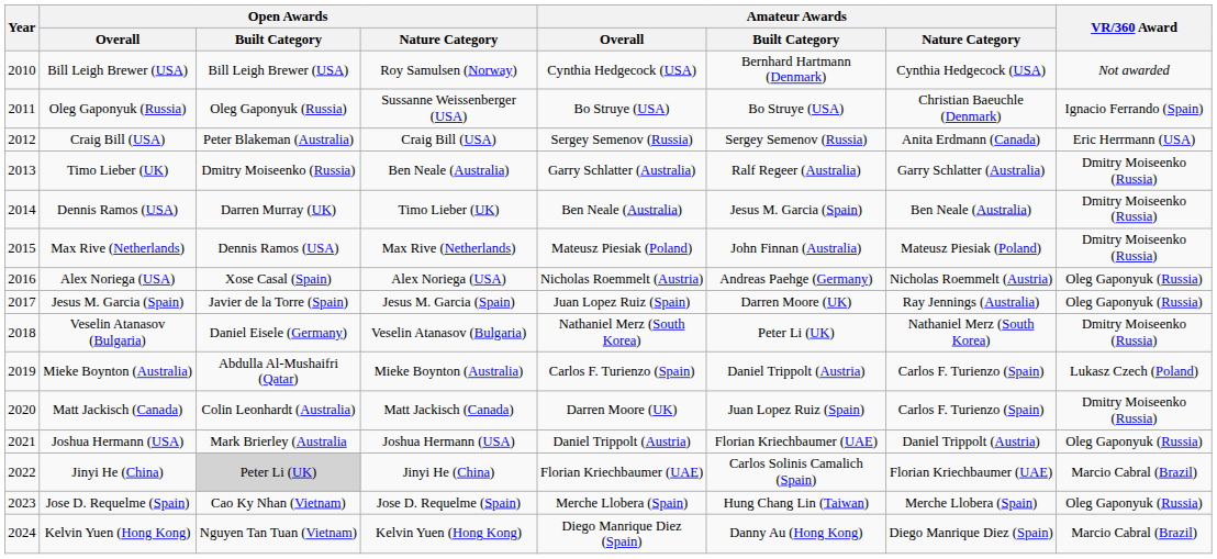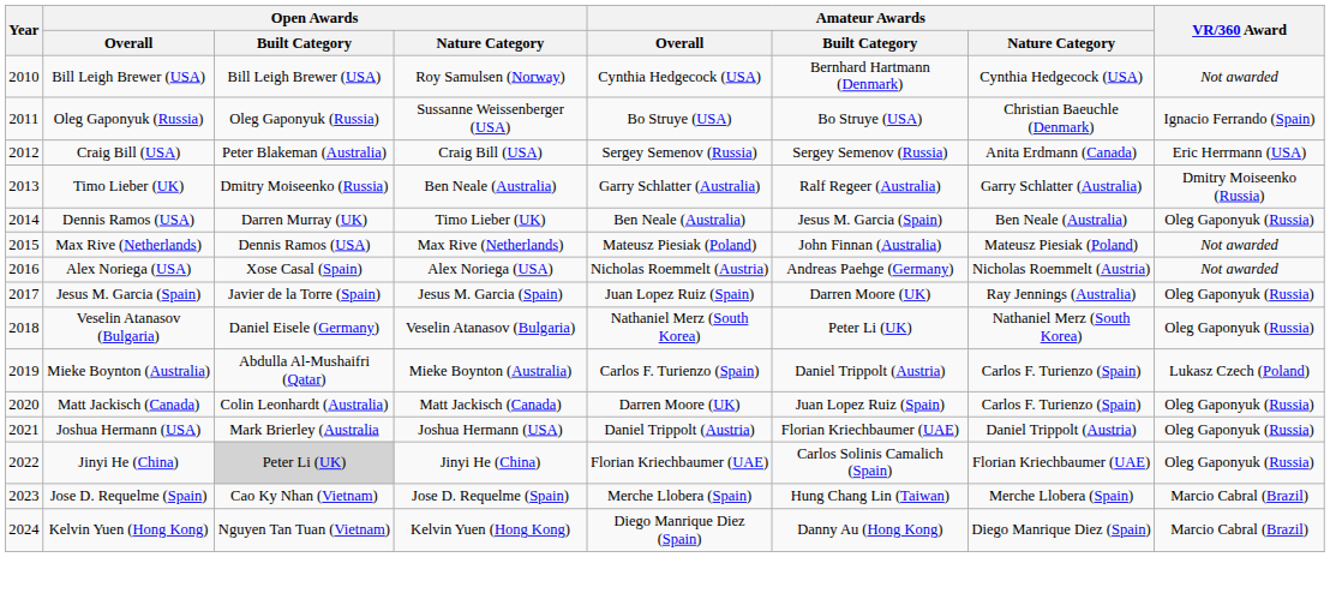 <table class="wikitable" class="wikitable" style="text-align:center;width:100%; font-size:90%;">
 <tr>
 <th rowspan="2">Year</th>
 <th colspan="3">Open Awards</th>
 <th colspan="3">Amateur Awards</th>
 <th rowspan="2"><a href='#'>VR/360</a> Award</th>
 </tr>
 <tr>
 <th>Overall</th>
 <th>Built Category</th>
 <th>Nature Category</th>
 <th>Overall</th>
 <th>Built Category</th>
 <th>Nature Category</th>
 </tr>
 <tr>
 <td>2010</td>
 <td>Bill Leigh Brewer (<a href='#'>USA</a>)</td>
 <td>Bill Leigh Brewer (<a href='#'>USA</a>)</td>
 <td>Roy Samulsen (<a href='#'>Norway</a>)</td>
 <td>Cynthia Hedgecock (<a href='#'>USA</a>)</td>
 <td>Bernhard Hartmann (<a href='#'>Denmark</a>)</td>
 <td>Cynthia Hedgecock (<a href='#'>USA</a>)</td>
 <td><em>Not awarded</em></td>
 </tr>
 <tr>
 <td>2011</td>
 <td>Oleg Gaponyuk (<a href='#'>Russia</a>)</td>
 <td>Oleg Gaponyuk (<a href='#'>Russia</a>)</td>
 <td>Sussanne Weissenberger (<a href='#'>USA</a>)</td>
 <td>Bo Struye (<a href='#'>USA</a>)</td>
 <td>Bo Struye (<a href='#'>USA</a>)</td>
 <td>Christian Baeuchle (<a href='#'>Denmark</a>)</td>
 <td>Ignacio Ferrando (<a href='#'>Spain</a>)</td>
 </tr>
 <tr>
 <td>2012</td>
 <td>Craig Bill (<a href='#'>USA</a>)</td>
 <td>Peter Blakeman (<a href='#'>Australia</a>)</td>
 <td>Craig Bill (<a href='#'>USA</a>)</td>
 <td>Sergey Semenov (<a href='#'>Russia</a>)</td>
 <td>Sergey Semenov (<a href='#'>Russia</a>)</td>
 <td>Anita Erdmann (<a href='#'>Canada</a>)</td>
 <td>Eric Herrmann (<a href='#'>USA</a>)</td>
 </tr>
 <tr>
 <td>2013</td>
 <td>Timo Lieber (<a href='#'>UK</a>)</td>
 <td>Dmitry Moiseenko (<a href='#'>Russia</a>)</td>
 <td>Ben Neale (<a href='#'>Australia</a>)</td>
 <td>Garry Schlatter (<a href='#'>Australia</a>)</td>
 <td>Ralf Regeer (<a href='#'>Australia</a>)</td>
 <td>Garry Schlatter (<a href='#'>Australia</a>)</td>
 <td>Dmitry Moiseenko (<a href='#'>Russia</a>)</td>
 </tr>
 <tr>
 <td>2014<br></td>
 <td>Dennis Ramos (<a href='#'>USA</a>)</td>
 <td>Darren Murray (<a href='#'>UK</a>)</td>
 <td>Timo Lieber (<a href='#'>UK</a>)</td>
 <td>Ben Neale (<a href='#'>Australia</a>)</td>
 <td>Jesus M. Garcia (<a href='#'>Spain</a>)</td>
 <td>Ben Neale (<a href='#'>Australia</a>)</td>
-<td>Dmitry Moiseenko (<a href='#'>Russia</a>)</td>
+<td>Oleg Gaponyuk (<a href='#'>Russia</a>)</td>
 </tr>
 <tr>
 <td>2015<br></td>
 <td>Max Rive (<a href='#'>Netherlands</a>)</td>
 <td>Dennis Ramos (<a href='#'>USA</a>)</td>
 <td>Max Rive (<a href='#'>Netherlands</a>)</td>
 <td>Mateusz Piesiak (<a href='#'>Poland</a>)</td>
 <td>John Finnan (<a href='#'>Australia</a>)</td>
 <td>Mateusz Piesiak (<a href='#'>Poland</a>)</td>
-<td>Dmitry Moiseenko (<a href='#'>Russia</a>)</td>
+<td><em>Not awarded</em></td>
 </tr>
 <tr>
 <td>2016<br></td>
 <td>Alex Noriega (<a href='#'>USA</a>)</td>
 <td>Xose Casal (<a href='#'>Spain</a>)</td>
 <td>Alex Noriega (<a href='#'>USA</a>)</td>
 <td>Nicholas Roemmelt (<a href='#'>Austria</a>)</td>
 <td>Andreas Paehge (<a href='#'>Germany</a>)</td>
 <td>Nicholas Roemmelt (<a href='#'>Austria</a>)</td>
-<td>Oleg Gaponyuk (<a href='#'>Russia</a>)</td>
+<td><em>Not awarded</em></td>
 </tr>
 <tr>
 <td>2017<br></td>
 <td>Jesus M. Garcia (<a href='#'>Spain</a>)</td>
 <td>Javier de la Torre (<a href='#'>Spain</a>)</td>
 <td>Jesus M. Garcia (<a href='#'>Spain</a>)</td>
 <td>Juan Lopez Ruiz (<a href='#'>Spain</a>)</td>
 <td>Darren Moore (<a href='#'>UK</a>)</td>
 <td>Ray Jennings (<a href='#'>Australia</a>)</td>
 <td>Oleg Gaponyuk (<a href='#'>Russia</a>)</td>
 </tr>
 <tr>
 <td>2018<br></td>
 <td>Veselin Atanasov (<a href='#'>Bulgaria</a>)</td>
 <td>Daniel Eisele (<a href='#'>Germany</a>)</td>
 <td>Veselin Atanasov (<a href='#'>Bulgaria</a>)</td>
 <td>Nathaniel Merz (<a href='#'>South Korea</a>)</td>
 <td>Peter Li (<a href='#'>UK</a>)</td>
 <td>Nathaniel Merz (<a href='#'>South Korea</a>)</td>
-<td>Dmitry Moiseenko (<a href='#'>Russia</a>)</td>
+<td>Oleg Gaponyuk (<a href='#'>Russia</a>)</td>
 </tr>
 <tr>
 <td>2019<br></td>
 <td>Mieke Boynton (<a href='#'>Australia</a>)</td>
 <td>Abdulla Al-Mushaifri (<a href='#'>Qatar</a>)</td>
 <td>Mieke Boynton (<a href='#'>Australia</a>)</td>
 <td>Carlos F. Turienzo (<a href='#'>Spain</a>)</td>
 <td>Daniel Trippolt (<a href='#'>Austria</a>)</td>
 <td>Carlos F. Turienzo (<a href='#'>Spain</a>)</td>
 <td>Lukasz Czech (<a href='#'>Poland</a>)</td>
 </tr>
 <tr>
 <td>2020<br></td>
 <td>Matt Jackisch (<a href='#'>Canada</a>)</td>
 <td>Colin Leonhardt (<a href='#'>Australia</a>)</td>
 <td>Matt Jackisch (<a href='#'>Canada</a>)</td>
 <td>Darren Moore (<a href='#'>UK</a>)</td>
 <td>Juan Lopez Ruiz (<a href='#'>Spain</a>)</td>
 <td>Carlos F. Turienzo (<a href='#'>Spain</a>)</td>
-<td>Dmitry Moiseenko (<a href='#'>Russia</a>)</td>
+<td>Oleg Gaponyuk (<a href='#'>Russia</a>)</td>
 </tr>
 <tr>
 <td>2021<br></td>
 <td>Joshua Hermann (<a href='#'>USA</a>)</td>
 <td>Mark Brierley (<a href='#'>Australia</a></td>
 <td>Joshua Hermann (<a href='#'>USA</a>)</td>
 <td>Daniel Trippolt (<a href='#'>Austria</a>)</td>
 <td>Florian Kriechbaumer (<a href='#'>UAE</a>)</td>
 <td>Daniel Trippolt (<a href='#'>Austria</a>)</td>
 <td>Oleg Gaponyuk (<a href='#'>Russia</a>)</td>
 </tr>
 <tr>
 <td>2022<br></td>
 <td>Jinyi He (<a href='#'>China</a>)</td>
 <td style="background: lightgrey;">Peter Li (<a href='#'>UK</a>)</td>
 <td>Jinyi He (<a href='#'>China</a>)</td>
 <td>Florian Kriechbaumer (<a href='#'>UAE</a>)</td>
 <td>Carlos Solinis Camalich (<a href='#'>Spain</a>)</td>
 <td>Florian Kriechbaumer (<a href='#'>UAE</a>)</td>
-<td>Marcio Cabral (<a href='#'>Brazil</a>)</td>
+<td>Oleg Gaponyuk (<a href='#'>Russia</a>)</td>
 </tr>
 <tr>
 <td>2023<br></td>
 <td>Jose D. Requelme (<a href='#'>Spain</a>)</td>
 <td>Cao Ky Nhan (<a href='#'>Vietnam</a>)</td>
 <td>Jose D. Requelme (<a href='#'>Spain</a>)</td>
 <td>Merche Llobera (<a href='#'>Spain</a>)</td>
 <td>Hung Chang Lin (<a href='#'>Taiwan</a>)</td>
 <td>Merche Llobera (<a href='#'>Spain</a>)</td>
-<td>Oleg Gaponyuk (<a href='#'>Russia</a>)</td>
+<td>Marcio Cabral (<a href='#'>Brazil</a>)</td>
 </tr>
 <tr>
 <td>2024<br></td>
 <td>Kelvin Yuen (<a href='#'>Hong Kong</a>)</td>
 <td>Nguyen Tan Tuan (<a href='#'>Vietnam</a>)</td>
 <td>Kelvin Yuen (<a href='#'>Hong Kong</a>)</td>
 <td>Diego Manrique Diez (<a href='#'>Spain</a>)</td>
 <td>Danny Au (<a href='#'>Hong Kong</a>)</td>
 <td>Diego Manrique Diez (<a href='#'>Spain</a>)</td>
 <td>Marcio Cabral (<a href='#'>Brazil</a>)</td>
 </tr>
 </table>
